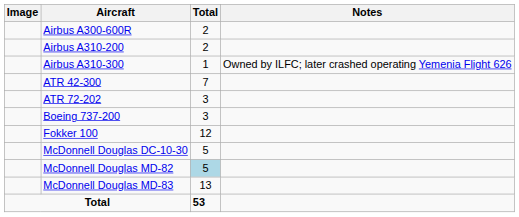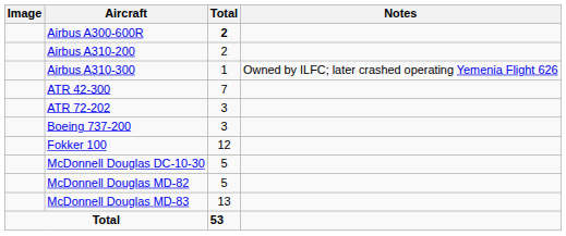 <table class="wikitable" border="1">
 <tr>
 <th>Image</th>
 <th>Aircraft</th>
 <th>Total</th>
 <th>Notes</th>
 </tr>
 <tr>
 <td></td>
 <td><a href='#'>Airbus A300-600R</a></td>
-<td align="center">2</td>
+<td align="center"><strong>2</strong></td>
 <td></td>
 </tr>
 <tr>
 <td></td>
 <td><a href='#'>Airbus A310-200</a></td>
 <td align="center">2</td>
 <td></td>
 </tr>
 <tr>
 <td></td>
 <td><a href='#'>Airbus A310-300</a></td>
 <td align="center">1</td>
 <td>Owned by ILFC; later crashed operating <a href='#'>Yemenia Flight 626</a></td>
 </tr>
 <tr>
 <td></td>
 <td><a href='#'>ATR 42-300</a></td>
 <td align="center">7</td>
 <td></td>
 </tr>
 <tr>
 <td></td>
 <td><a href='#'>ATR 72-202</a></td>
 <td align="center">3</td>
 <td></td>
 </tr>
 <tr>
 <td></td>
 <td><a href='#'>Boeing 737-200</a></td>
 <td align="center">3</td>
 <td></td>
 </tr>
 <tr>
 <td></td>
 <td><a href='#'>Fokker 100</a></td>
 <td align="center">12</td>
 <td></td>
 </tr>
 <tr>
 <td></td>
 <td><a href='#'>McDonnell Douglas DC-10-30</a></td>
 <td align="center">5</td>
 <td></td>
 </tr>
 <tr>
 <td></td>
 <td><a href='#'>McDonnell Douglas MD-82</a></td>
-<td align="center" style="background: lightblue;">5</td>
+<td align="center">5</td>
 <td></td>
 </tr>
 <tr>
 <td></td>
 <td><a href='#'>McDonnell Douglas MD-83</a></td>
 <td align="center">13</td>
 <td></td>
 </tr>
 <tr>
 <td colspan="2" align="center"><strong>Total</strong></td>
 <td><strong>53</strong></td>
 <td></td>
 </tr>
 </table>
